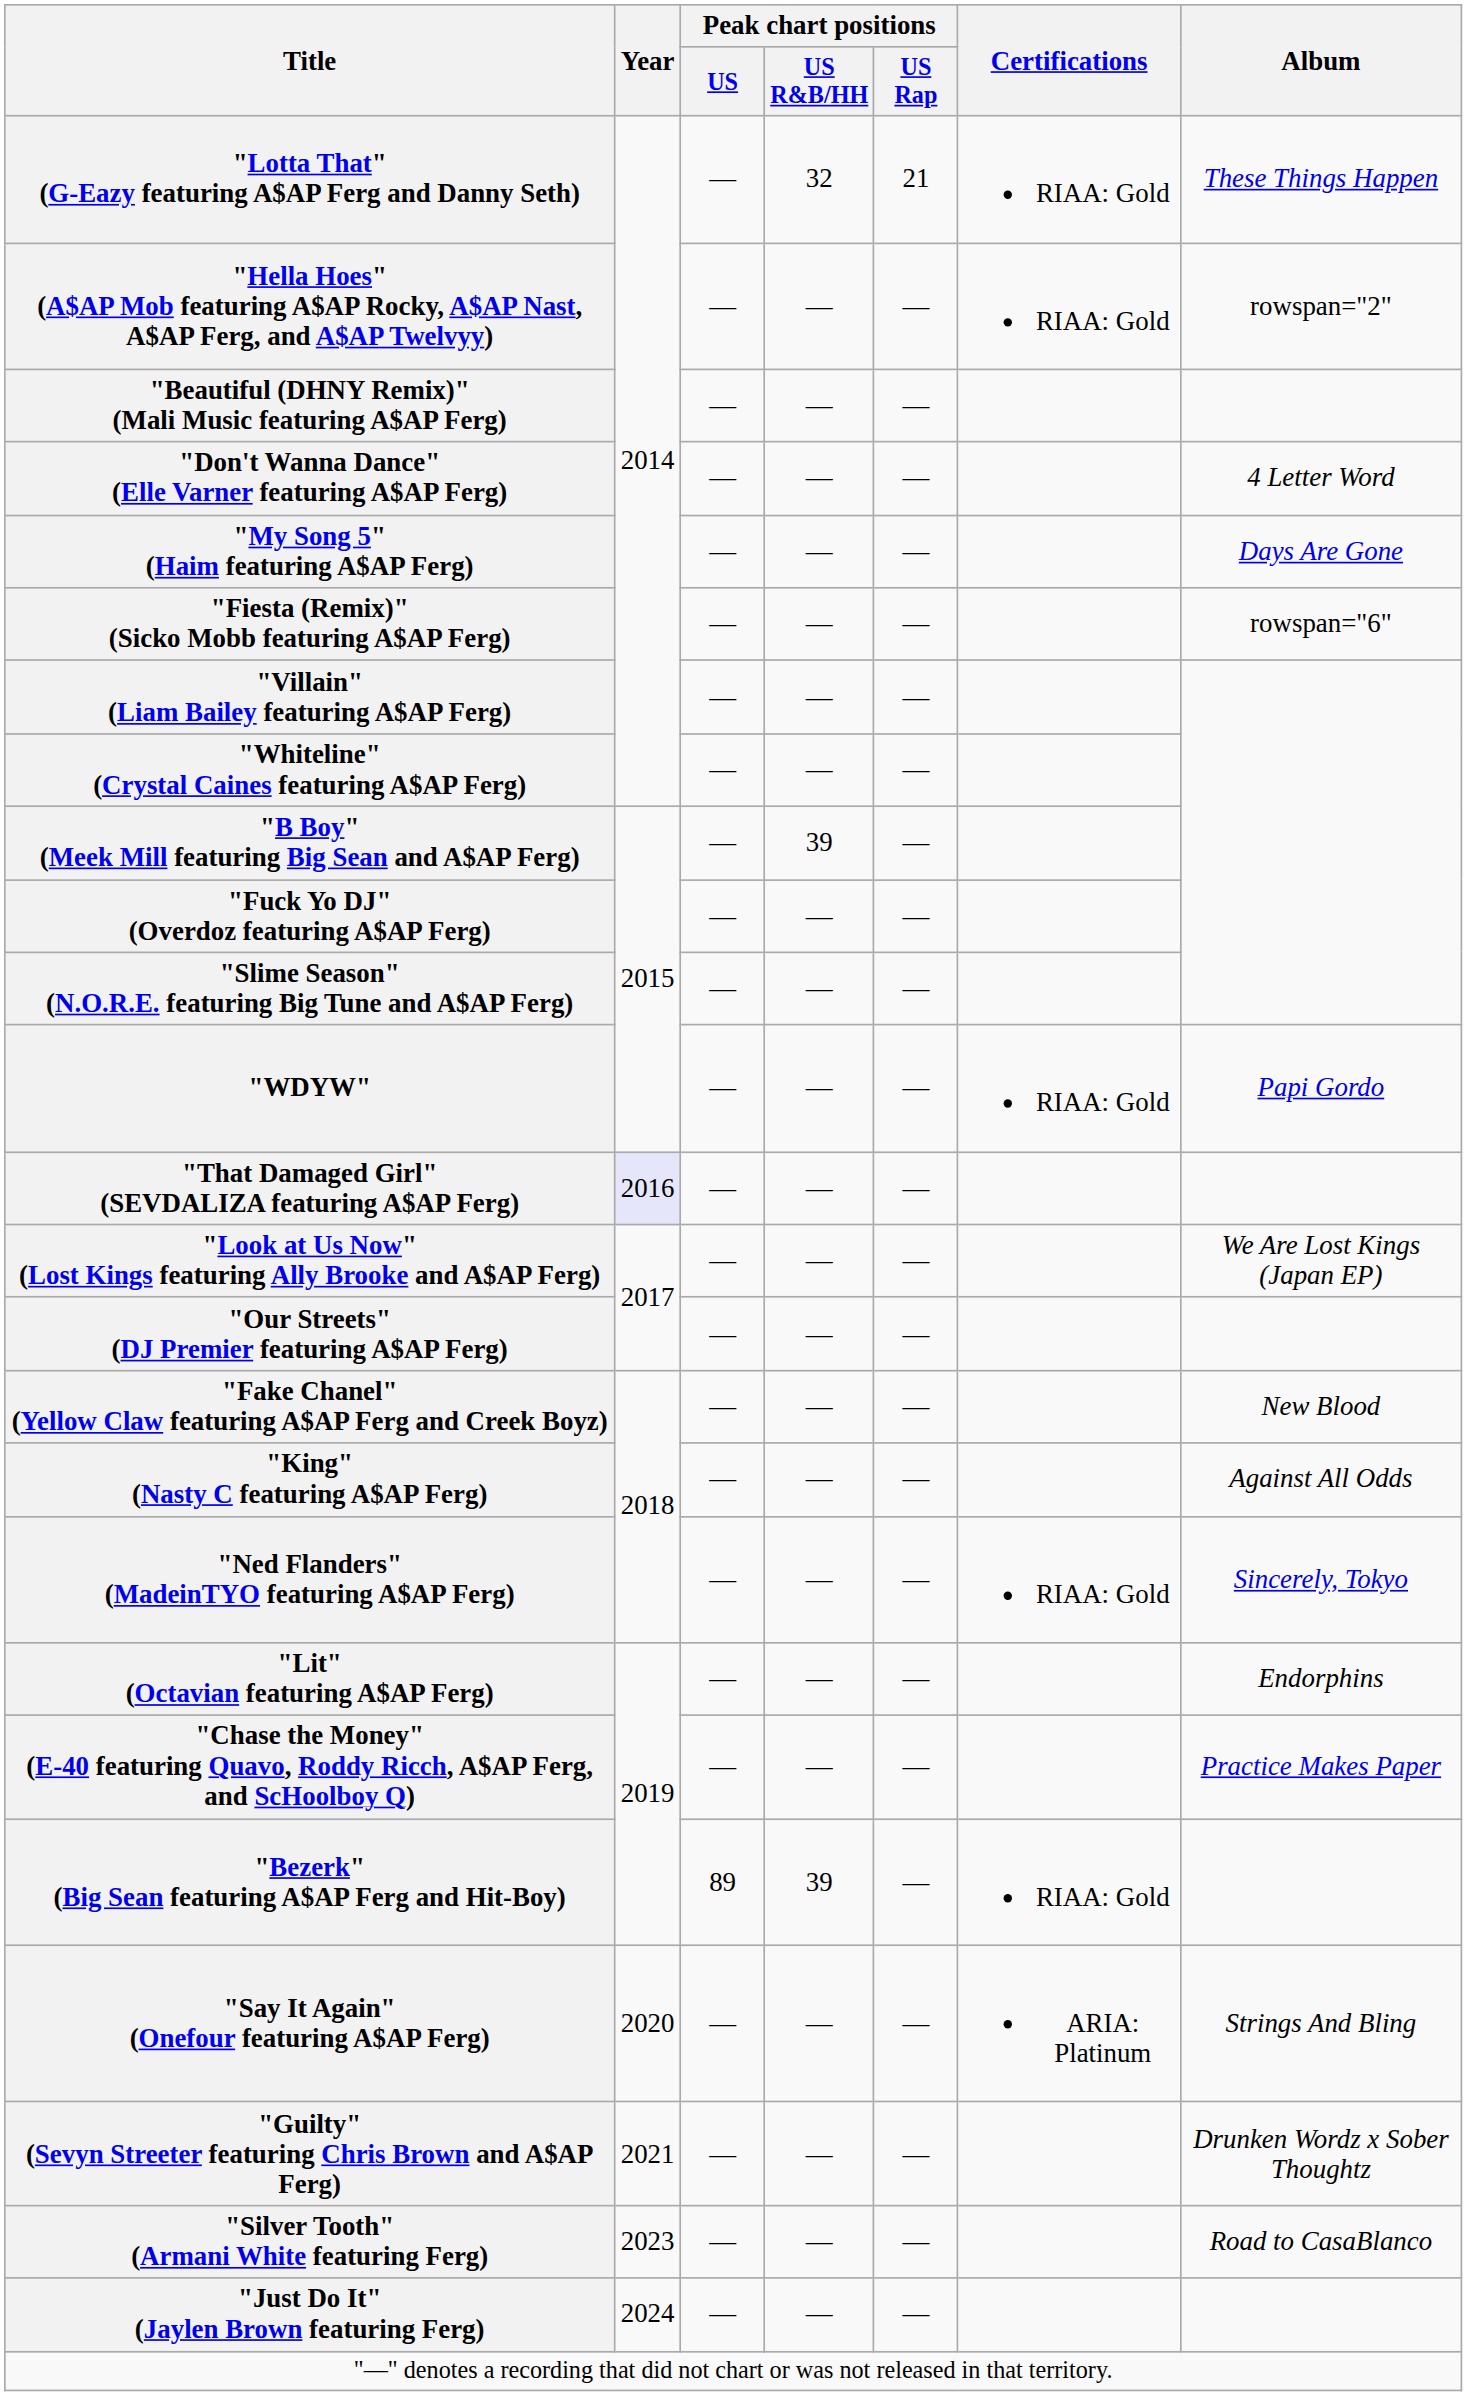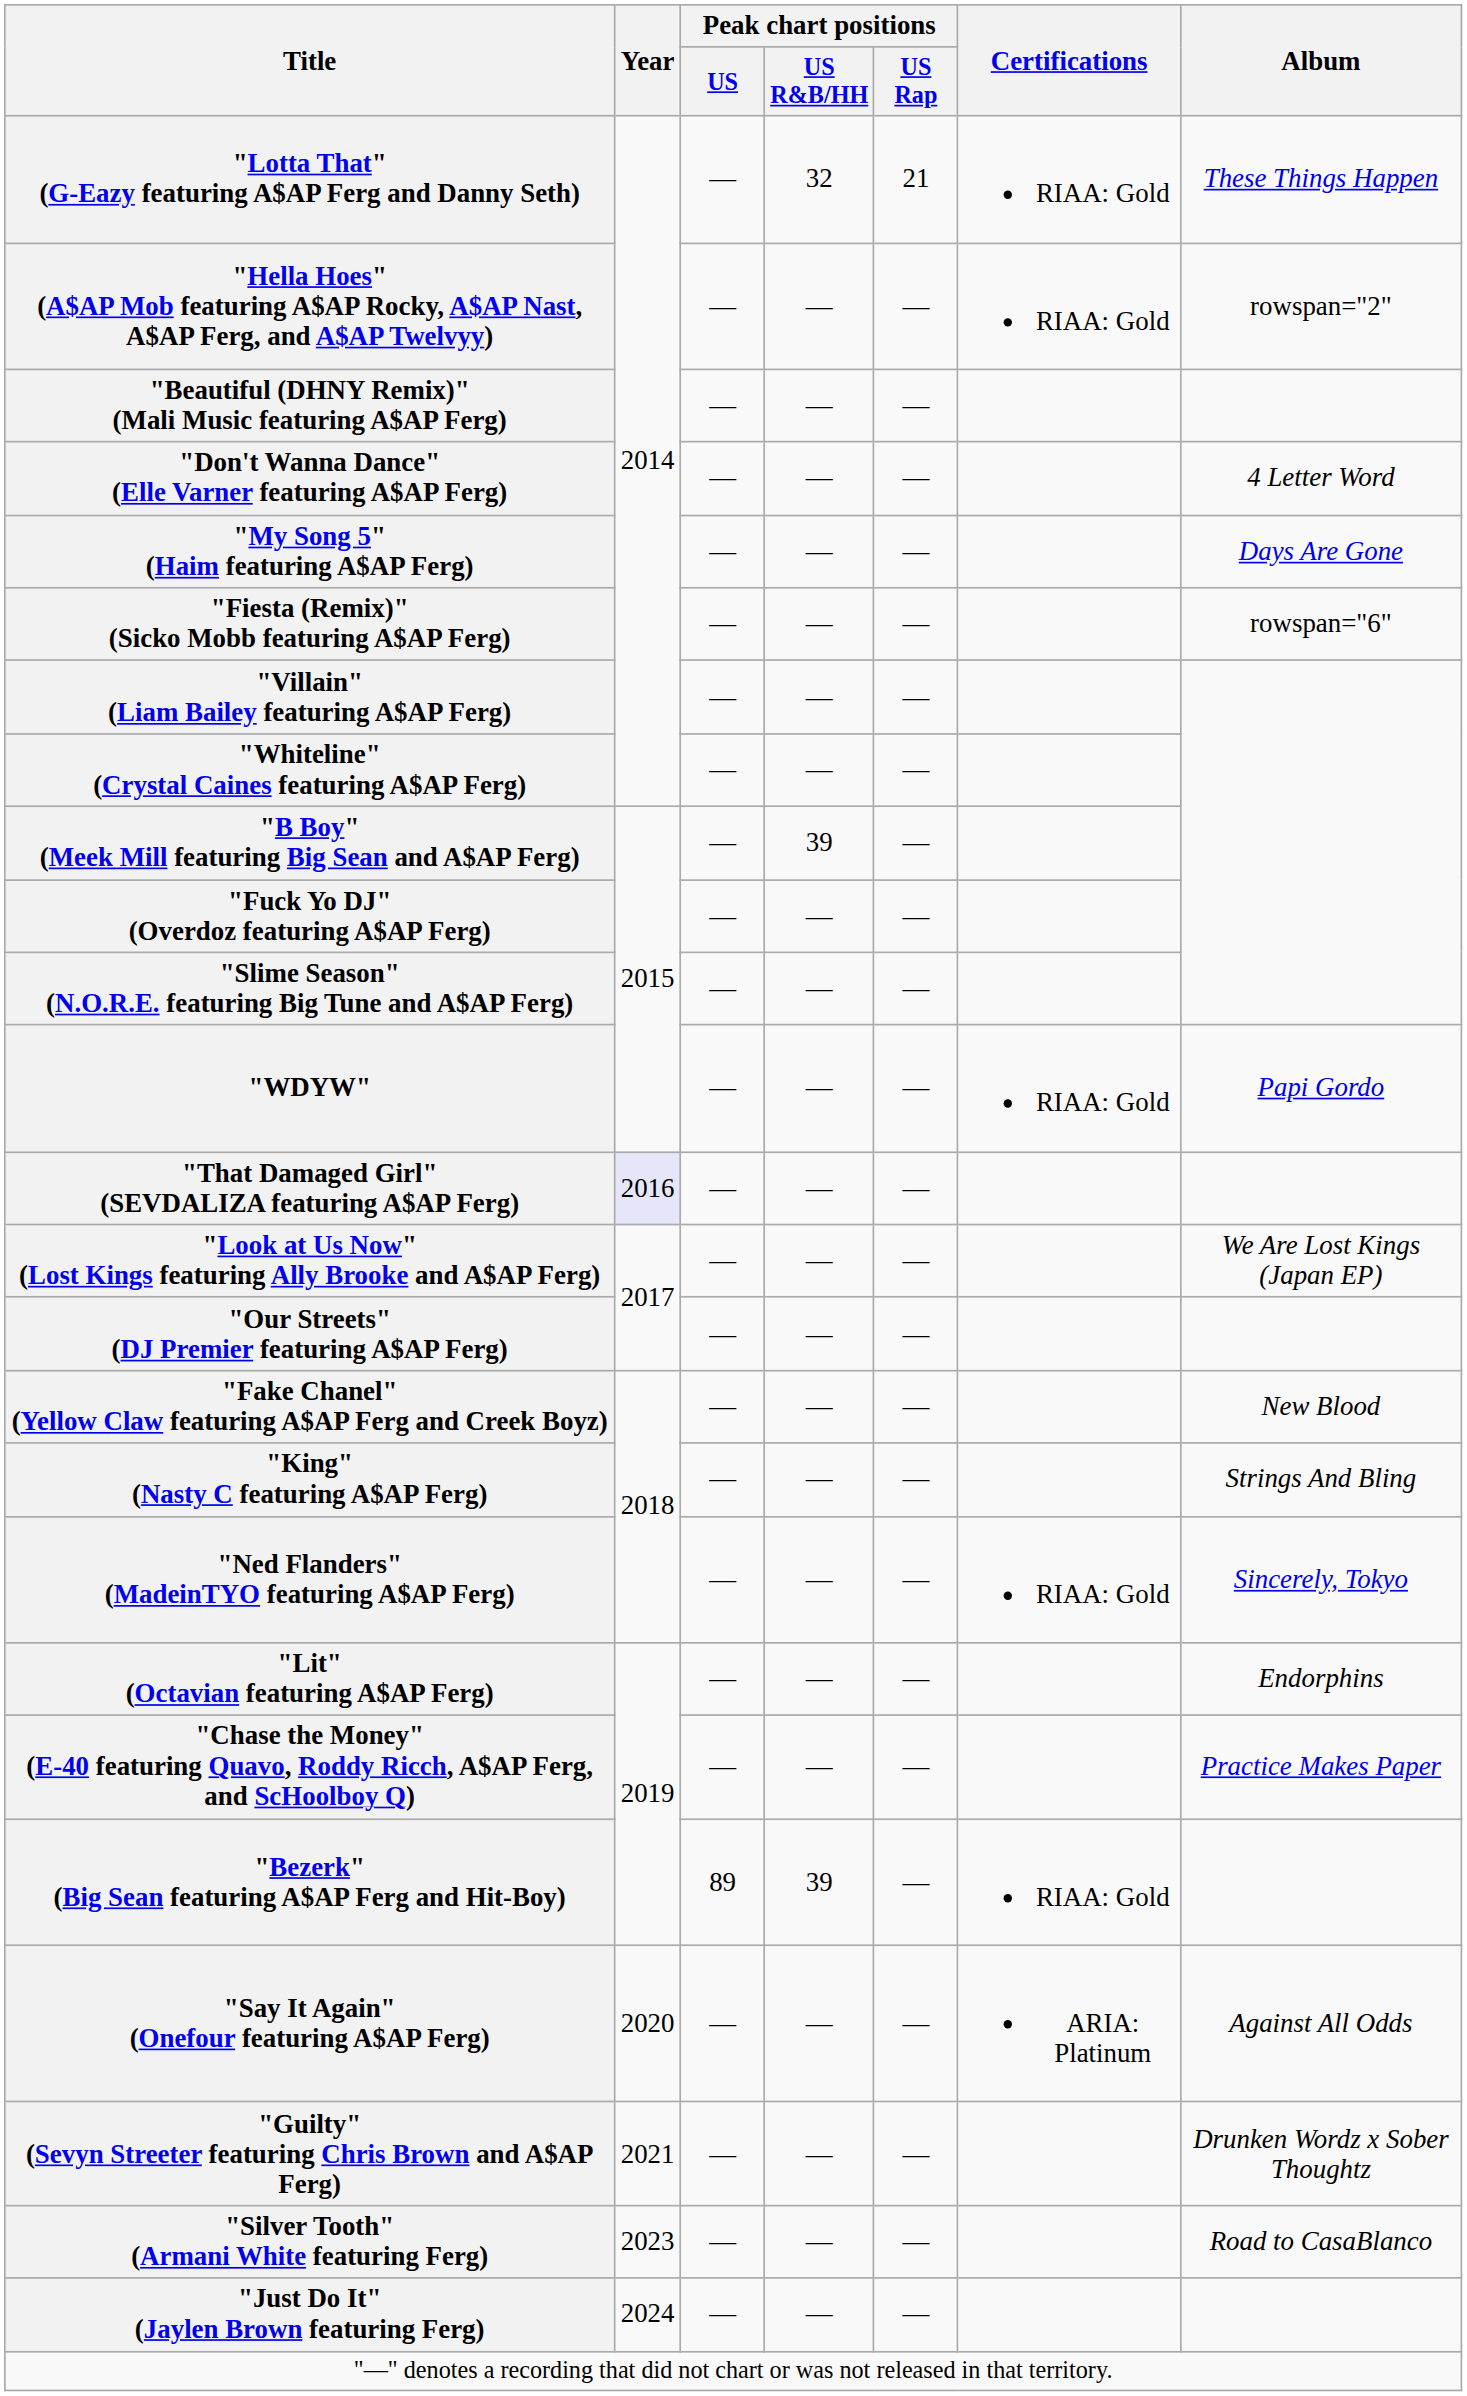 <table class="wikitable plainrowheaders" style="text-align:center;">
 <tr>
 <th scope="col" rowspan="2">Title</th>
 <th scope="col" rowspan="2">Year</th>
 <th scope="col" colspan="3">Peak chart positions</th>
 <th scope="col" rowspan="2"><a href='#'>Certifications</a></th>
 <th scope="col" rowspan="2">Album</th>
 </tr>
 <tr>
 <th scope="col" style="width:3em;font-size:90%;"><a href='#'>US</a><br></th>
 <th scope="col" style="width:3em;font-size:90%;"><a href='#'>US R&B/HH</a><br></th>
 <th scope="col" style="width:3em;font-size:90%;"><a href='#'>US Rap</a><br></th>
 </tr>
 <tr>
 <th scope="row">"<a href='#'>Lotta That</a>"<br><span>(<a href='#'>G-Eazy</a> featuring A$AP Ferg and Danny Seth)</span></th>
 <td rowspan="8">2014</td>
 <td>—</td>
 <td>32</td>
 <td>21</td>
 <td><br><ul><li>RIAA: Gold</li></ul></td>
 <td><em><a href='#'>These Things Happen</a></em></td>
 </tr>
 <tr>
 <th scope="row">"<a href='#'>Hella Hoes</a>"<br><span>(<a href='#'>A$AP Mob</a> featuring A$AP Rocky, <a href='#'>A$AP Nast</a>, A$AP Ferg, and <a href='#'>A$AP Twelvyy</a>)</span></th>
 <td>—</td>
 <td>—</td>
 <td>—</td>
 <td><br><ul><li>RIAA: Gold</li></ul></td>
 <td>rowspan="2" </td>
 </tr>
 <tr>
 <th scope="row">"Beautiful (DHNY Remix)"<br><span>(Mali Music featuring A$AP Ferg)</span></th>
 <td>—</td>
 <td>—</td>
 <td>—</td>
 <td></td>
 </tr>
 <tr>
 <th scope="row">"Don't Wanna Dance"<br><span>(<a href='#'>Elle Varner</a> featuring A$AP Ferg)</span></th>
 <td>—</td>
 <td>—</td>
 <td>—</td>
 <td></td>
 <td><em>4 Letter Word</em></td>
 </tr>
 <tr>
 <th scope="row">"<a href='#'>My Song 5</a>"<br><span>(<a href='#'>Haim</a> featuring A$AP Ferg)</span></th>
 <td>—</td>
 <td>—</td>
 <td>—</td>
 <td></td>
 <td><em><a href='#'>Days Are Gone</a></em></td>
 </tr>
 <tr>
 <th scope="row">"Fiesta (Remix)"<br><span>(Sicko Mobb featuring A$AP Ferg)</span></th>
 <td>—</td>
 <td>—</td>
 <td>—</td>
 <td></td>
 <td>rowspan="6" </td>
 </tr>
 <tr>
 <th scope="row">"Villain"<br><span>(<a href='#'>Liam Bailey</a> featuring A$AP Ferg)</span></th>
 <td>—</td>
 <td>—</td>
 <td>—</td>
 <td></td>
 </tr>
 <tr>
 <th scope="row">"Whiteline"<br><span>(<a href='#'>Crystal Caines</a> featuring A$AP Ferg)</span></th>
 <td>—</td>
 <td>—</td>
 <td>—</td>
 <td></td>
 </tr>
 <tr>
 <th scope="row">"<a href='#'>B Boy</a>"<br><span>(<a href='#'>Meek Mill</a> featuring <a href='#'>Big Sean</a> and A$AP Ferg)</span></th>
 <td rowspan="4">2015</td>
 <td>—</td>
 <td>39</td>
 <td>—</td>
 <td></td>
 </tr>
 <tr>
 <th scope="row">"Fuck Yo DJ"<br><span>(Overdoz featuring A$AP Ferg)</span></th>
 <td>—</td>
 <td>—</td>
 <td>—</td>
 <td></td>
 </tr>
 <tr>
 <th scope="row">"Slime Season"<br><span>(<a href='#'>N.O.R.E.</a> featuring Big Tune and A$AP Ferg)</span></th>
 <td>—</td>
 <td>—</td>
 <td>—</td>
 <td></td>
 </tr>
 <tr>
 <th scope="row">"WDYW"<br></th>
 <td>—</td>
 <td>—</td>
 <td>—</td>
 <td><br><ul><li>RIAA: Gold</li></ul></td>
 <td><em><a href='#'>Papi Gordo</a></em></td>
 </tr>
 <tr>
 <th scope="row">"That Damaged Girl"<br><span>(SEVDALIZA featuring A$AP Ferg)</span></th>
 <td style="background: lavender;">2016</td>
 <td>—</td>
 <td>—</td>
 <td>—</td>
 <td></td>
 <td></td>
 </tr>
 <tr>
 <th scope="row">"<a href='#'>Look at Us Now</a>"<br><span>(<a href='#'>Lost Kings</a> featuring <a href='#'>Ally Brooke</a> and A$AP Ferg)</span></th>
 <td rowspan="2">2017</td>
 <td>—</td>
 <td>—</td>
 <td>—</td>
 <td></td>
 <td><em>We Are Lost Kings (Japan EP)</em></td>
 </tr>
 <tr>
 <th scope="row">"Our Streets"<br><span>(<a href='#'>DJ Premier</a> featuring A$AP Ferg)</span></th>
 <td>—</td>
 <td>—</td>
 <td>—</td>
 <td></td>
 <td></td>
 </tr>
 <tr>
 <th scope="row">"Fake Chanel"<br><span>(<a href='#'>Yellow Claw</a> featuring A$AP Ferg and Creek Boyz)</span></th>
 <td rowspan="3">2018</td>
 <td>—</td>
 <td>—</td>
 <td>—</td>
 <td></td>
 <td><em>New Blood</em></td>
 </tr>
 <tr>
 <th scope="row">"King"<br><span>(<a href='#'>Nasty C</a> featuring A$AP Ferg)</span></th>
 <td>—</td>
 <td>—</td>
 <td>—</td>
 <td></td>
-<td><em>Against All Odds</em></td>
+<td><em>Strings And Bling</em></td>
 </tr>
 <tr>
 <th scope="row">"Ned Flanders"<br><span>(<a href='#'>MadeinTYO</a> featuring A$AP Ferg)</span></th>
 <td>—</td>
 <td>—</td>
 <td>—</td>
 <td><br><ul><li>RIAA: Gold</li></ul></td>
 <td><em><a href='#'>Sincerely, Tokyo</a></em></td>
 </tr>
 <tr>
 <th scope="row">"Lit"<br><span>(<a href='#'>Octavian</a> featuring A$AP Ferg)</span></th>
 <td rowspan="3">2019</td>
 <td>—</td>
 <td>—</td>
 <td>—</td>
 <td></td>
 <td><em>Endorphins</em></td>
 </tr>
 <tr>
 <th scope="row">"Chase the Money"<br><span>(<a href='#'>E-40</a> featuring <a href='#'>Quavo</a>, <a href='#'>Roddy Ricch</a>, A$AP Ferg, and <a href='#'>ScHoolboy Q</a>)</span></th>
 <td>—</td>
 <td>—</td>
 <td>—</td>
 <td></td>
 <td><em><a href='#'>Practice Makes Paper</a></em></td>
 </tr>
 <tr>
 <th scope="row">"<a href='#'>Bezerk</a>"<br><span>(<a href='#'>Big Sean</a> featuring A$AP Ferg and Hit-Boy)</span></th>
 <td>89</td>
 <td>39</td>
 <td>—</td>
 <td><br><ul><li>RIAA: Gold</li></ul></td>
 <td></td>
 </tr>
 <tr>
 <th scope="row">"Say It Again"<br><span>(<a href='#'>Onefour</a> featuring A$AP Ferg)</span></th>
 <td>2020</td>
 <td>—</td>
 <td>—</td>
 <td>—</td>
 <td><br><ul><li>ARIA: Platinum</li></ul></td>
-<td><em>Strings And Bling</em></td>
+<td><em>Against All Odds</em></td>
 </tr>
 <tr>
 <th scope="row">"Guilty"<br><span>(<a href='#'>Sevyn Streeter</a> featuring <a href='#'>Chris Brown</a> and A$AP Ferg)</span></th>
 <td>2021</td>
 <td>—</td>
 <td>—</td>
 <td>—</td>
 <td></td>
 <td><em>Drunken Wordz x Sober Thoughtz</em></td>
 </tr>
 <tr>
 <th scope="row">"Silver Tooth"<br><span>(<a href='#'>Armani White</a> featuring Ferg)</span></th>
 <td>2023</td>
 <td>—</td>
 <td>—</td>
 <td>—</td>
 <td></td>
 <td><em>Road to CasaBlanco</em></td>
 </tr>
 <tr>
 <th scope="row">"Just Do It"<br><span>(<a href='#'>Jaylen Brown</a> featuring Ferg)</span></th>
 <td>2024</td>
 <td>—</td>
 <td>—</td>
 <td>—</td>
 <td></td>
 <td></td>
 </tr>
 <tr>
 <td colspan="8" style="font-size:90%">"—" denotes a recording that did not chart or was not released in that territory.</td>
 </tr>
 </table>
